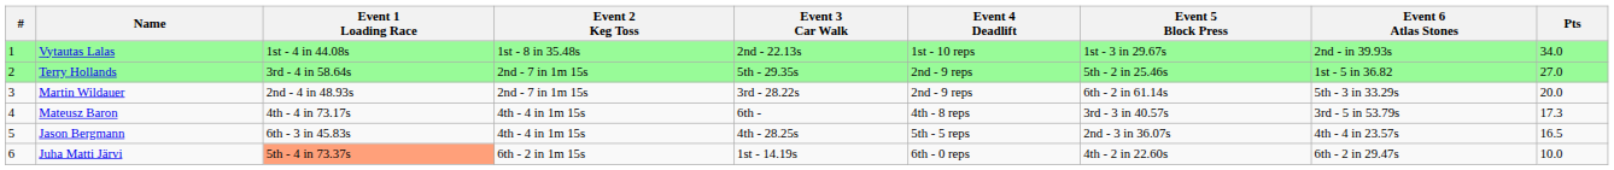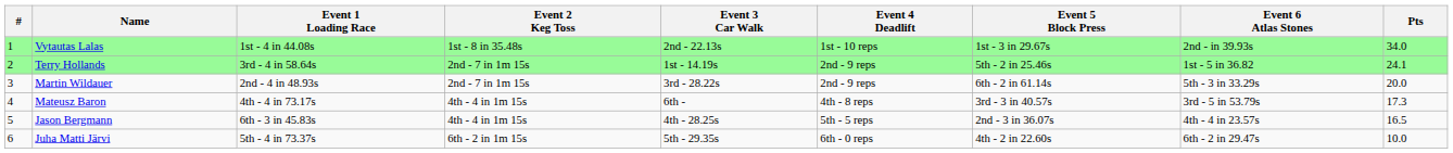 <table class="wikitable sortable" style="display: inline-table; width: 100%;">
 <tr>
 <th>#</th>
 <th>Name</th>
 <th>Event 1<br>Loading Race</th>
 <th>Event 2<br>Keg Toss</th>
 <th>Event 3<br>Car Walk</th>
 <th>Event 4<br>Deadlift</th>
 <th>Event 5<br>Block Press</th>
 <th>Event 6<br>Atlas Stones</th>
 <th>Pts</th>
 </tr>
 <tr style="background:palegreen">
 <td>1</td>
 <td> <a href='#'>Vytautas Lalas</a></td>
 <td>1st - 4 in 44.08s</td>
 <td>1st - 8 in 35.48s</td>
 <td>2nd - 22.13s</td>
 <td>1st - 10 reps</td>
 <td>1st - 3 in 29.67s</td>
 <td>2nd -  in 39.93s</td>
 <td>34.0</td>
 </tr>
 <tr style="background:palegreen">
 <td>2</td>
 <td> <a href='#'>Terry Hollands</a></td>
 <td>3rd - 4 in 58.64s</td>
 <td>2nd - 7 in 1m 15s</td>
-<td>5th - 29.35s</td>
+<td>1st - 14.19s</td>
 <td>2nd - 9 reps</td>
 <td>5th - 2 in 25.46s</td>
 <td>1st - 5 in 36.82</td>
-<td>27.0</td>
+<td>24.1</td>
 </tr>
 <tr>
 <td>3</td>
 <td> <a href='#'>Martin Wildauer</a></td>
 <td>2nd - 4 in 48.93s</td>
 <td>2nd - 7 in 1m 15s</td>
 <td>3rd - 28.22s</td>
 <td>2nd - 9 reps</td>
 <td>6th - 2 in 61.14s</td>
 <td>5th - 3 in 33.29s</td>
 <td>20.0</td>
 </tr>
 <tr>
 <td>4</td>
 <td> <a href='#'>Mateusz Baron</a></td>
 <td>4th - 4 in 73.17s</td>
 <td>4th - 4 in 1m 15s</td>
 <td>6th - </td>
 <td>4th - 8 reps</td>
 <td>3rd - 3 in 40.57s</td>
 <td>3rd - 5 in 53.79s</td>
 <td>17.3</td>
 </tr>
 <tr>
 <td>5</td>
 <td> <a href='#'>Jason Bergmann</a></td>
 <td>6th - 3 in 45.83s</td>
 <td>4th - 4 in 1m 15s</td>
 <td>4th - 28.25s</td>
 <td>5th - 5 reps</td>
 <td>2nd - 3 in 36.07s</td>
 <td>4th - 4 in 23.57s</td>
 <td>16.5</td>
 </tr>
 <tr>
 <td>6</td>
 <td> <a href='#'>Juha Matti Järvi</a></td>
-<td style="background: lightsalmon;">5th - 4 in 73.37s</td>
+<td>5th - 4 in 73.37s</td>
 <td>6th - 2 in 1m 15s</td>
-<td>1st - 14.19s</td>
+<td>5th - 29.35s</td>
 <td>6th - 0 reps</td>
 <td>4th - 2 in 22.60s</td>
 <td>6th - 2 in 29.47s</td>
 <td>10.0</td>
 </tr>
 </table>
